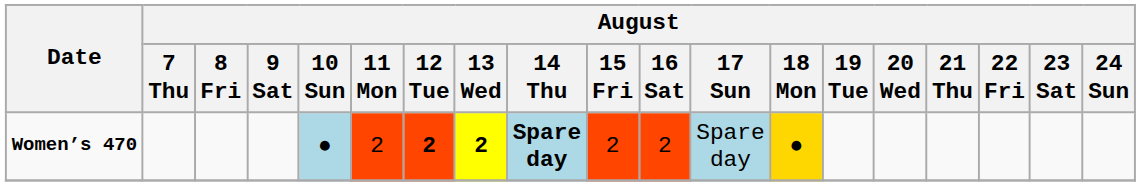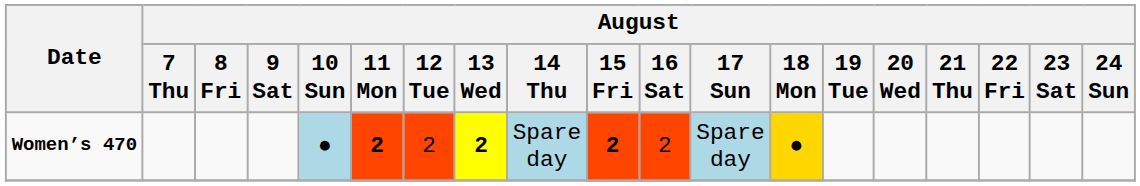 <table class="wikitable" style="margin:0.5em auto; font-size:90%; line-height:1.25em;">
 <tr>
 <th rowspan=2>Date</th>
 <th colspan=18>August</th>
 </tr>
 <tr>
 <th>7<br>Thu</th>
 <th>8<br>Fri</th>
 <th>9<br>Sat</th>
 <th>10<br>Sun</th>
 <th>11<br>Mon</th>
 <th>12<br>Tue</th>
 <th>13<br>Wed</th>
 <th>14<br>Thu</th>
 <th>15<br>Fri</th>
 <th>16<br>Sat</th>
 <th>17<br>Sun</th>
 <th>18<br>Mon</th>
 <th>19<br>Tue</th>
 <th>20<br>Wed</th>
 <th>21<br>Thu</th>
 <th>22<br>Fri</th>
 <th>23<br>Sat</th>
 <th>24<br>Sun</th>
 </tr>
 <tr align="center">
 <td align="right"><small><strong>Women’s 470</strong></small></td>
 <td></td>
 <td></td>
 <td></td>
 <td bgcolor=LightBlue><span> ● </span></td>
+<td bgcolor=OrangeRed><strong><span> 2 </span></strong></td>
 <td bgcolor=OrangeRed><span> 2 </span></td>
+<td bgcolor=Yellow><strong><span> 2 </span></strong></td>
+<td bgcolor=LightBlue><span> Spare<br>day </span></td>
 <td bgcolor=OrangeRed><strong><span> 2 </span></strong></td>
-<td bgcolor=Yellow><strong><span> 2 </span></strong></td>
-<td bgcolor=LightBlue><strong><span> Spare<br>day </span></strong></td>
-<td bgcolor=OrangeRed><span> 2 </span></td>
 <td bgcolor=OrangeRed><span> 2 </span></td>
 <td bgcolor=LightBlue><span> Spare<br>day </span></td>
 <td bgcolor=Gold><span> ● </span></td>
 <td></td>
 <td></td>
 <td></td>
 <td></td>
 <td></td>
 <td></td>
 </tr>
 <tr>
 </tr>
 </table>
